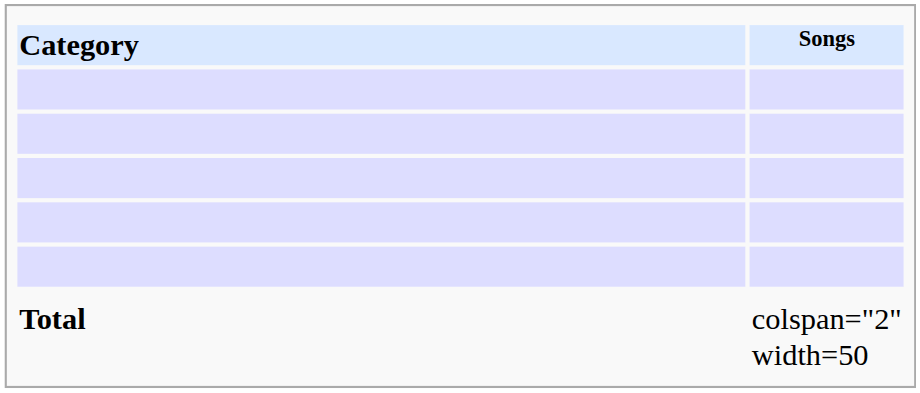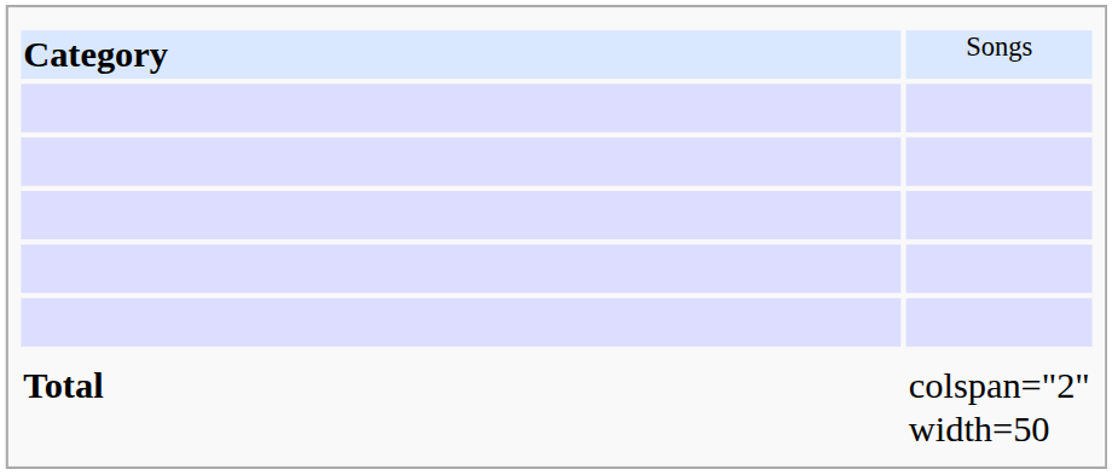 <table class="infobox" style="width: 30em; text-align: left; font-size: 90%; vertical-align: middle;">
 <tr>
 <td colspan="2" style="text-align:center;"></td>
 </tr>
 <tr style="background:#d9e8ff;">
 <th style="vertical-align: middle;">Category</th>
-<td style="background;text-align:center; font-size:8pt; width:60px;"><strong>Songs</strong></td>
+<td style="background;text-align:center; font-size:8pt; width:60px;">Songs</td>
 </tr>
 <tr style="background:#ddf;text-align:center;">
 <td style="text-align:center;"><br></td>
 <td></td>
 </tr>
 <tr style="background:#ddf;text-align:center;">
 <td style="text-align:center;"><br></td>
 <td></td>
 </tr>
 <tr style="background:#ddf;text-align:center;">
 <td style="text-align:center;"><br></td>
 <td></td>
 </tr>
 <tr style="background:#ddf;text-align:center;">
 <td style="text-align:center;"><br></td>
 <td></td>
 </tr>
 <tr style="background:#ddf;text-align:center;">
 <td style="text-align:center;"><br></td>
 <td></td>
 </tr>
 <tr>
 <td colspan="2" style="text-align:center;"></td>
 </tr>
 <tr>
 <td><strong>Total</strong></td>
 <td>colspan="2" width=50 </td>
 </tr>
 </table>
